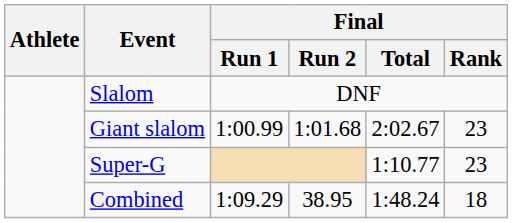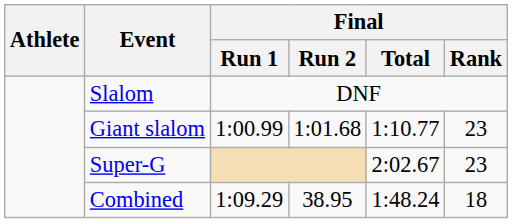 <table class="wikitable">
 <tr>
 <th rowspan="2">Athlete</th>
 <th rowspan="2">Event</th>
 <th colspan="4">Final</th>
 </tr>
 <tr>
 <th>Run 1</th>
 <th>Run 2</th>
 <th>Total</th>
 <th>Rank</th>
 </tr>
 <tr>
 <td rowspan=4></td>
 <td><a href='#'>Slalom</a></td>
 <td align="center" colspan=4>DNF</td>
 </tr>
 <tr>
 <td><a href='#'>Giant slalom</a></td>
 <td align="center">1:00.99</td>
 <td align="center">1:01.68</td>
-<td align="center">2:02.67</td>
+<td align="center">1:10.77</td>
 <td align="center">23</td>
 </tr>
 <tr>
 <td><a href='#'>Super-G</a></td>
 <td colspan=2 bgcolor="wheat"></td>
-<td align="center">1:10.77</td>
+<td align="center">2:02.67</td>
 <td align="center">23</td>
 </tr>
 <tr>
 <td><a href='#'>Combined</a></td>
 <td align="center">1:09.29</td>
 <td align="center">38.95</td>
 <td align="center">1:48.24</td>
 <td align="center">18</td>
 </tr>
 </table>
